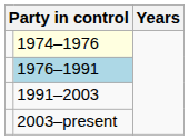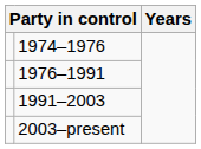 <table class="wikitable">
 <tr>
 <th colspan="2">Party in control</th>
 <th>Years</th>
 </tr>
 <tr>
 <td></td>
-<td style="background: lightyellow;">1974–1976</td>
+<td>1974–1976</td>
 </tr>
 <tr>
 <td></td>
-<td style="background: lightblue;">1976–1991</td>
+<td>1976–1991</td>
 </tr>
 <tr>
 <td></td>
 <td>1991–2003</td>
 </tr>
 <tr>
 <td></td>
 <td>2003–present</td>
 </tr>
 </table>
